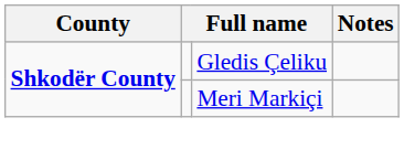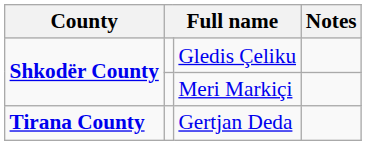 <table class="wikitable">
 <tr>
 <th>County</th>
 <th colspan="2">Full name</th>
 <th>Notes</th>
 </tr>
 <tr>
 <td rowspan="2"><strong><a href='#'>Shkodër County</a></strong></td>
 <td></td>
 <td><a href='#'>Gledis Çeliku</a></td>
 <td></td>
 </tr>
 <tr>
 <td></td>
 <td><a href='#'>Meri Markiçi</a></td>
 <td></td>
 </tr>
+<tr>
+<td><strong><a href='#'>Tirana County</a></strong></td>
+<td></td>
+<td><a href='#'>Gertjan Deda</a></td>
+<td></td>
+</tr>
 </table>
